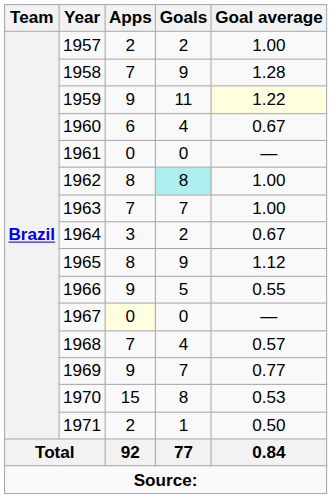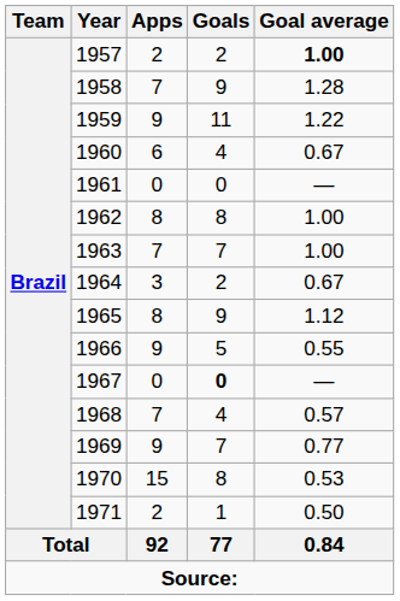 <table class="wikitable plainrowheaders" style="text-align:center">
 <tr>
 <th scope="col">Team</th>
 <th scope="col">Year</th>
 <th scope="col">Apps</th>
 <th scope="col">Goals</th>
 <th scope="col">Goal average</th>
 </tr>
 <tr>
 <th scope="row" rowspan="15"><a href='#'>Brazil</a></th>
 <td>1957</td>
 <td>2</td>
 <td>2</td>
-<td>1.00</td>
+<td><strong>1.00</strong></td>
 </tr>
 <tr>
 <td>1958</td>
 <td>7</td>
 <td>9</td>
 <td>1.28</td>
 </tr>
 <tr>
 <td>1959</td>
 <td>9</td>
 <td>11</td>
-<td style="background: lightyellow;">1.22</td>
+<td>1.22</td>
 </tr>
 <tr>
 <td>1960</td>
 <td>6</td>
 <td>4</td>
 <td>0.67</td>
 </tr>
 <tr>
 <td>1961</td>
 <td>0</td>
 <td>0</td>
 <td>—</td>
 </tr>
 <tr>
 <td>1962</td>
 <td>8</td>
-<td style="background: paleturquoise;">8</td>
+<td>8</td>
 <td>1.00</td>
 </tr>
 <tr>
 <td>1963</td>
 <td>7</td>
 <td>7</td>
 <td>1.00</td>
 </tr>
 <tr>
 <td>1964</td>
 <td>3</td>
 <td>2</td>
 <td>0.67</td>
 </tr>
 <tr>
 <td>1965</td>
 <td>8</td>
 <td>9</td>
 <td>1.12</td>
 </tr>
 <tr>
 <td>1966</td>
 <td>9</td>
 <td>5</td>
 <td>0.55</td>
 </tr>
 <tr>
 <td>1967</td>
-<td style="background: lightyellow;">0</td>
 <td>0</td>
+<td><strong>0</strong></td>
 <td>—</td>
 </tr>
 <tr>
 <td>1968</td>
 <td>7</td>
 <td>4</td>
 <td>0.57</td>
 </tr>
 <tr>
 <td>1969</td>
 <td>9</td>
 <td>7</td>
 <td>0.77</td>
 </tr>
 <tr>
 <td>1970</td>
 <td>15</td>
 <td>8</td>
 <td>0.53</td>
 </tr>
 <tr>
 <td>1971</td>
 <td>2</td>
 <td>1</td>
 <td>0.50</td>
 </tr>
 <tr>
 <th colspan="2">Total</th>
 <th>92</th>
 <th>77</th>
 <th>0.84</th>
 </tr>
 <tr>
 <td colspan="5" style="text-align: center;"><strong>Source:</strong></td>
 </tr>
 </table>
